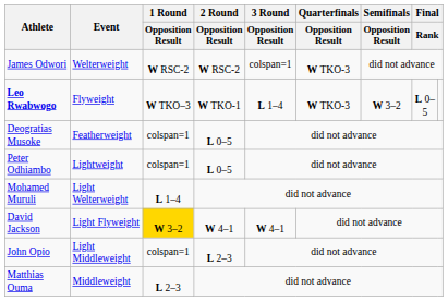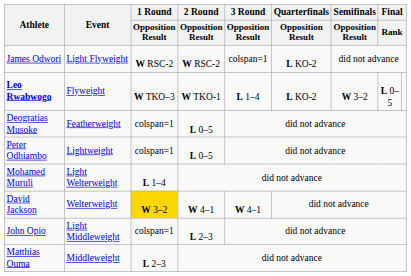 <table class="wikitable" style="font-size:90%">
 <tr>
 <th rowspan="2">Athlete</th>
 <th rowspan="2">Event</th>
 <th>1 Round</th>
 <th>2 Round</th>
 <th>3 Round</th>
 <th>Quarterfinals</th>
 <th>Semifinals</th>
 <th colspan=2>Final</th>
 </tr>
 <tr style="font-size:95%">
 <th>Opposition<br>Result</th>
 <th>Opposition<br>Result</th>
 <th>Opposition<br>Result</th>
 <th>Opposition<br>Result</th>
 <th>Opposition<br>Result</th>
 <th colspan=2>Rank</th>
 </tr>
 <tr align=center>
 <td align=left><a href='#'>James Odwori</a></td>
-<td align=left><a href='#'>Welterweight</a></td>
+<td align=left><a href='#'>Light Flyweight</a></td>
 <td><br><strong>W</strong> RSC-2</td>
 <td><br><strong>W</strong> RSC-2</td>
 <td>colspan=1 </td>
-<td><br><strong>W</strong> TKO-3</td>
+<td><br><strong>L</strong> KO-2</td>
 <td colspan=3>did not advance</td>
 </tr>
 <tr align=center>
 <td align=left><strong><a href='#'>Leo Rwabwogo</a></strong></td>
 <td align=left><a href='#'>Flyweight</a></td>
 <td><br><strong>W</strong> TKO–3</td>
 <td><br><strong>W</strong> TKO-1</td>
 <td><br><strong>L</strong> 1–4</td>
-<td><br><strong>W</strong> TKO-3</td>
+<td><br><strong>L</strong> KO-2</td>
 <td><br><strong>W</strong> 3–2</td>
 <td><br><strong>L</strong> 0–5</td>
 <td></td>
 </tr>
 <tr align=center>
 <td align=left><a href='#'>Deogratias Musoke</a></td>
 <td align=left><a href='#'>Featherweight</a></td>
 <td>colspan=1 </td>
 <td><br><strong>L</strong> 0–5</td>
 <td colspan=5>did not advance</td>
 </tr>
 <tr align=center>
 <td align=left><a href='#'>Peter Odhiambo</a></td>
 <td align=left><a href='#'>Lightweight</a></td>
 <td>colspan=1 </td>
 <td><br><strong>L</strong> 0–5</td>
 <td colspan=5>did not advance</td>
 </tr>
 <tr align=center>
 <td align=left><a href='#'>Mohamed Muruli</a></td>
 <td align=left><a href='#'>Light Welterweight</a></td>
 <td><br><strong>L</strong> 1–4</td>
 <td colspan=6>did not advance</td>
 </tr>
 <tr align=center>
 <td align=left><a href='#'>David Jackson</a></td>
-<td align=left><a href='#'>Light Flyweight</a></td>
+<td align=left><a href='#'>Welterweight</a></td>
 <td style="background: gold;"><br><strong>W</strong> 3–2</td>
 <td><br><strong>W</strong> 4–1</td>
 <td><br><strong>W</strong> 4–1</td>
 <td colspan=5>did not advance</td>
 </tr>
 <tr align=center>
 <td align=left><a href='#'>John Opio</a></td>
 <td align=left><a href='#'>Light Middleweight</a></td>
 <td>colspan=1 </td>
 <td><br><strong>L</strong> 2–3</td>
 <td colspan=5>did not advance</td>
 </tr>
 <tr align=center>
 <td align=left><a href='#'>Matthias Ouma</a></td>
 <td align=left><a href='#'>Middleweight</a></td>
 <td><br><strong>L</strong> 2–3</td>
 <td colspan=6>did not advance</td>
 </tr>
 </table>
